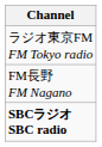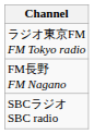 <table class="wikitable">
 <tr>
 <th>Channel</th>
 </tr>
 <tr>
 <td>ラジオ東京FM<br><em>FM Tokyo radio</em></td>
 </tr>
 <tr>
 <td>FM長野<br><em>FM Nagano</em></td>
 </tr>
 <tr>
-<td><strong>SBCラジオ<br>SBC radio</strong></td>
+<td>SBCラジオ<br>SBC radio</td>
 </tr>
 </table>
